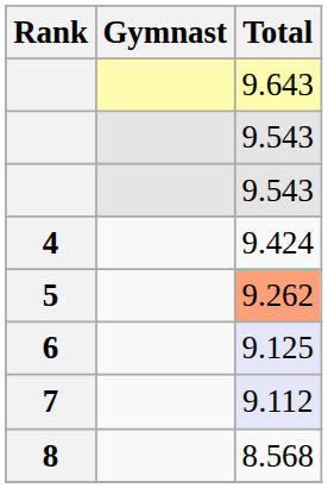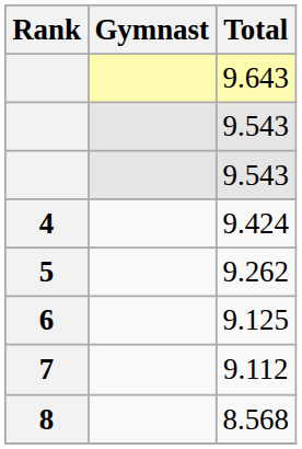 <table class="wikitable sortable" style="text-align:center; font-size:95%">
 <tr>
 <th scope=col>Rank</th>
 <th scope=col>Gymnast</th>
 <th scope=col>Total</th>
 </tr>
 <tr bgcolor=fffcaf>
 <th scope=row style="text-align:center"></th>
 <td align=left></td>
 <td>9.643</td>
 </tr>
 <tr bgcolor=e5e5e5>
 <th scope=row style="text-align:center"></th>
 <td align=left></td>
 <td>9.543</td>
 </tr>
 <tr bgcolor=e5e5e5>
 <th scope=row style="text-align:center"></th>
 <td align=left></td>
 <td>9.543</td>
 </tr>
 <tr>
 <th scope=row style="text-align:center">4</th>
 <td align=left></td>
 <td>9.424</td>
 </tr>
 <tr>
 <th scope=row style="text-align:center">5</th>
 <td align=left></td>
-<td style="background: lightsalmon;">9.262</td>
+<td>9.262</td>
 </tr>
 <tr>
 <th scope=row style="text-align:center">6</th>
 <td align=left></td>
-<td style="background: lavender;">9.125</td>
+<td>9.125</td>
 </tr>
 <tr>
 <th scope=row style="text-align:center">7</th>
 <td align=left></td>
-<td style="background: lavender;">9.112</td>
+<td>9.112</td>
 </tr>
 <tr>
 <th scope=row style="text-align:center">8</th>
 <td align=left></td>
 <td>8.568</td>
 </tr>
 <tr>
 </tr>
 </table>
